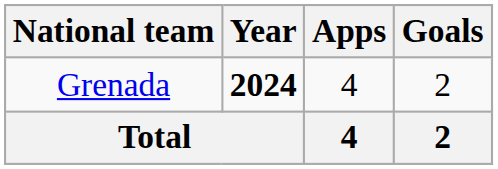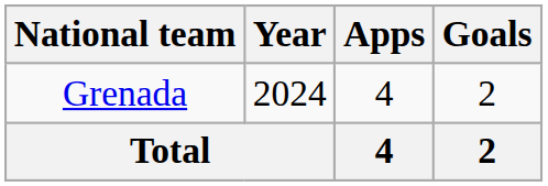 <table class=wikitable style=text-align:center>
 <tr>
 <th>National team</th>
 <th>Year</th>
 <th>Apps</th>
 <th>Goals</th>
 </tr>
 <tr>
 <td><a href='#'>Grenada</a></td>
-<td><strong>2024</strong></td>
+<td>2024</td>
 <td>4</td>
 <td>2</td>
 </tr>
 <tr>
 <th colspan=2>Total</th>
 <th>4</th>
 <th>2</th>
 </tr>
 </table>
